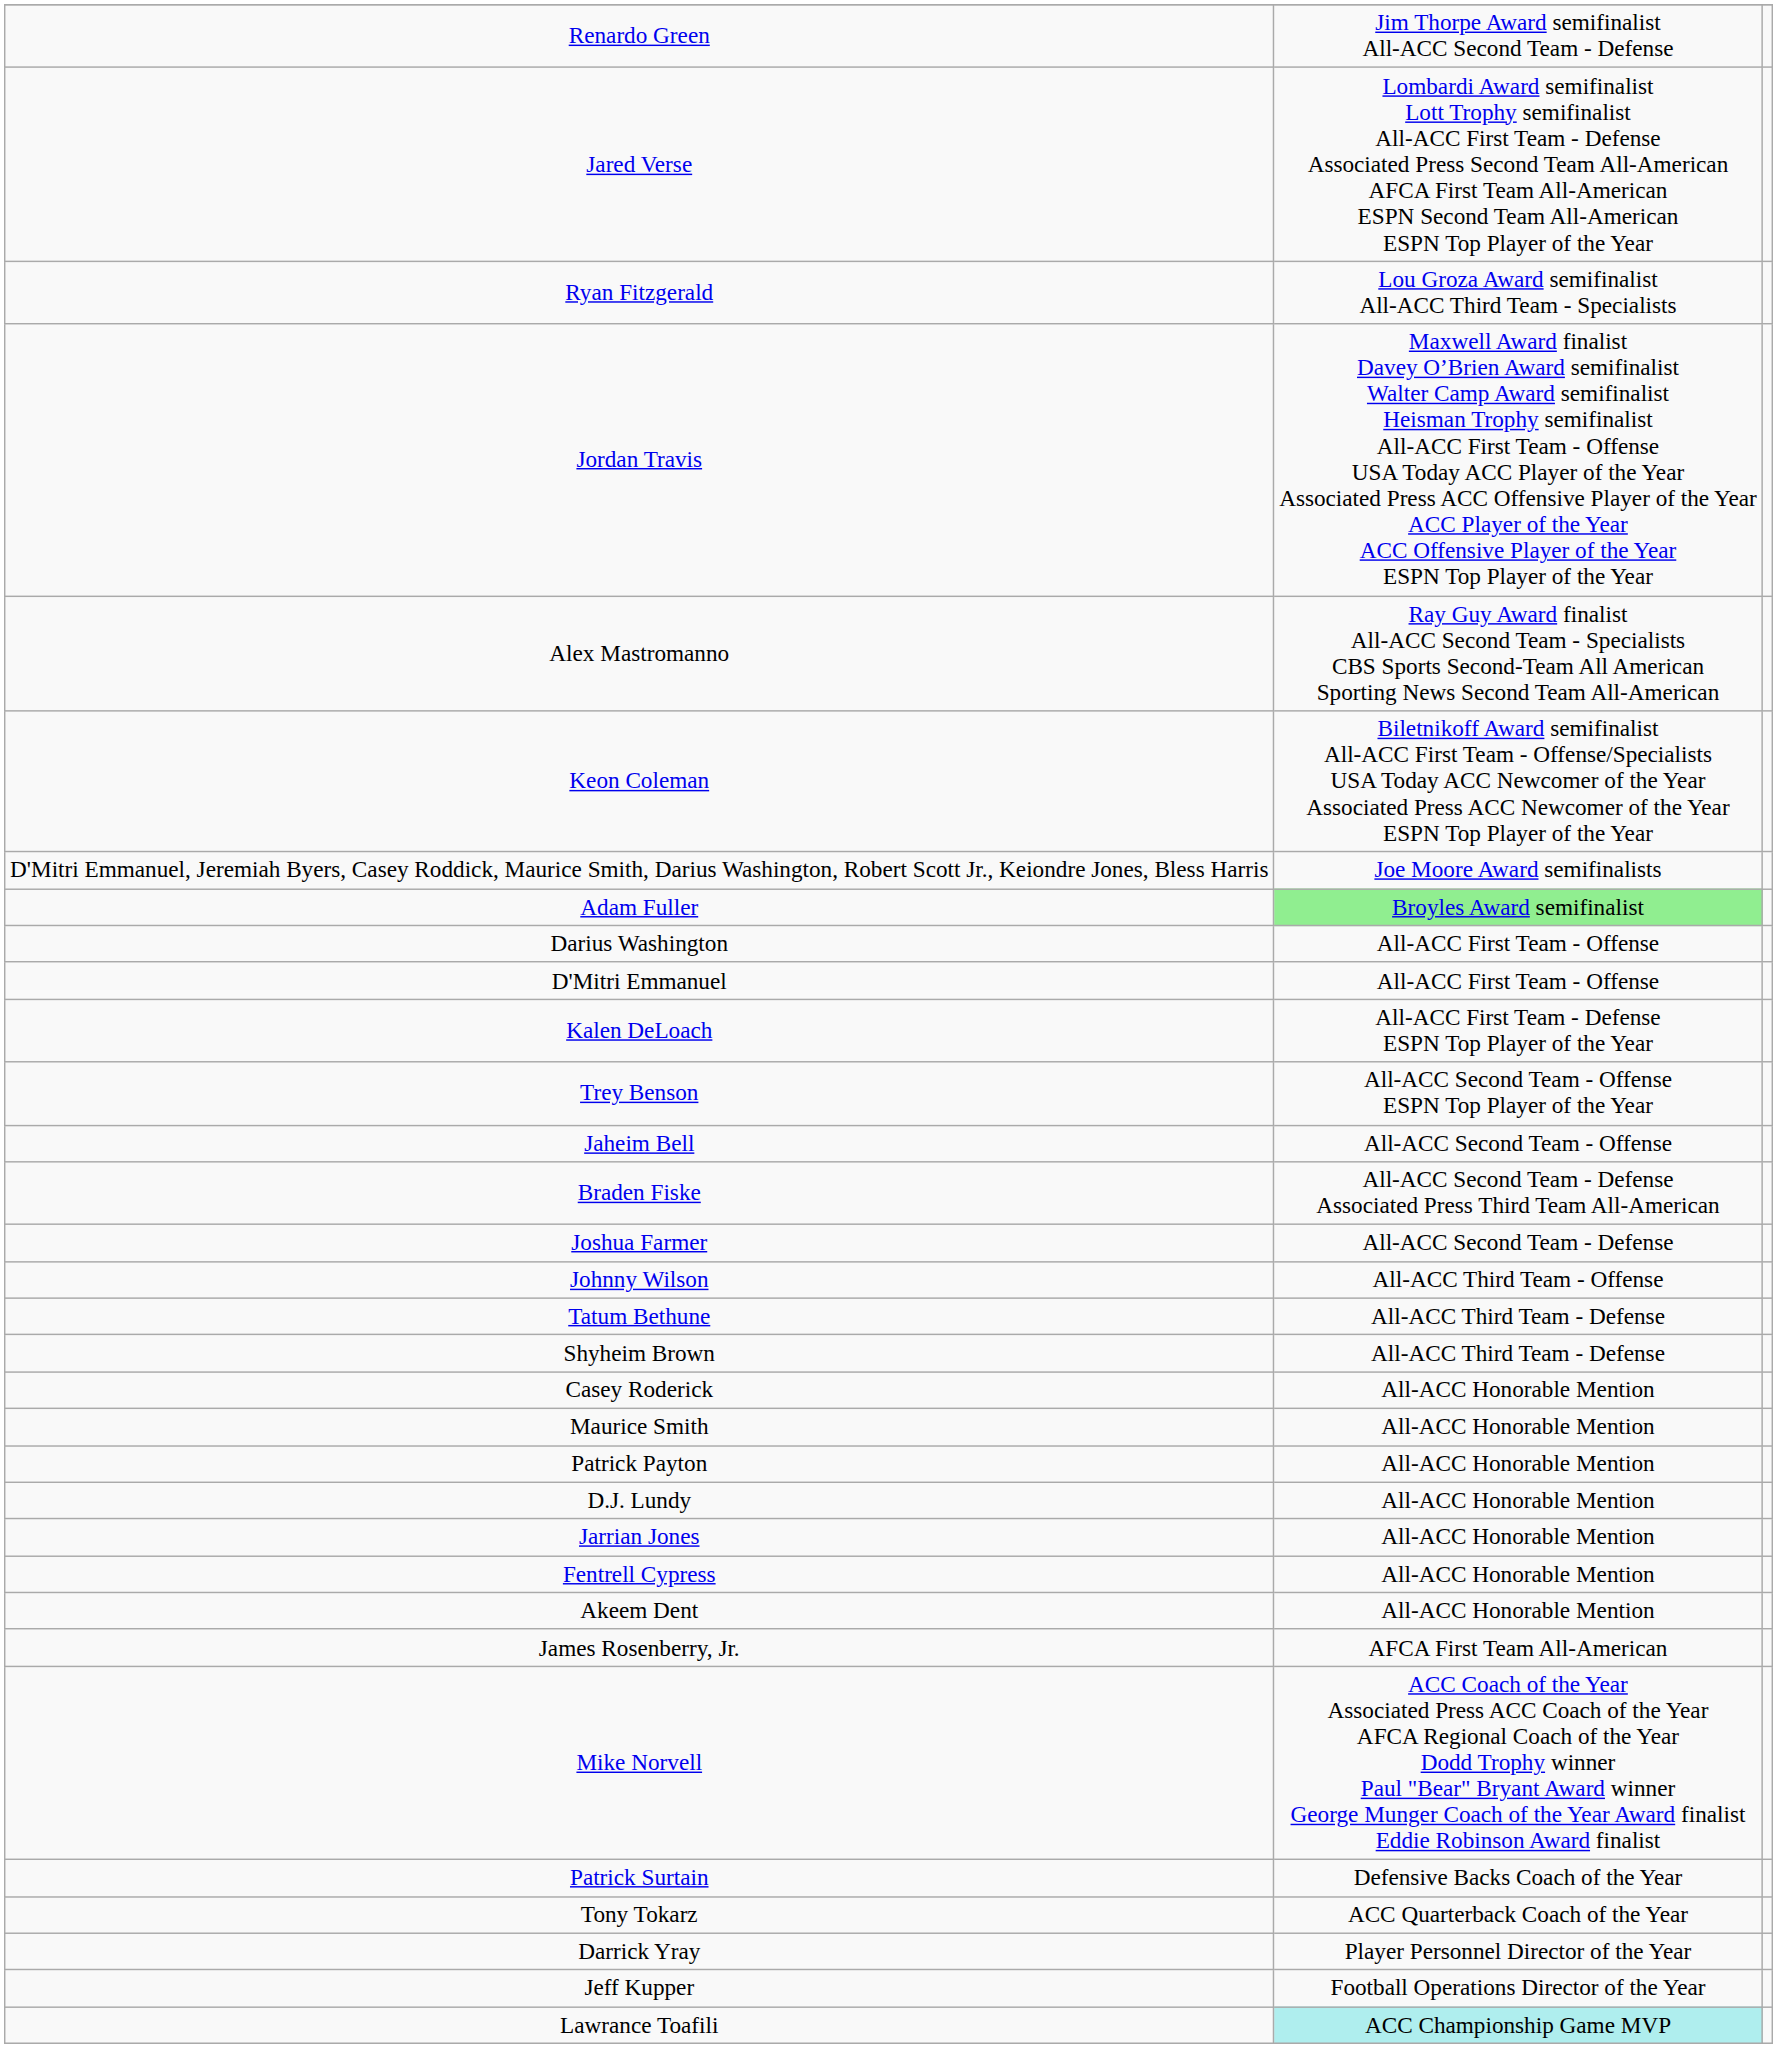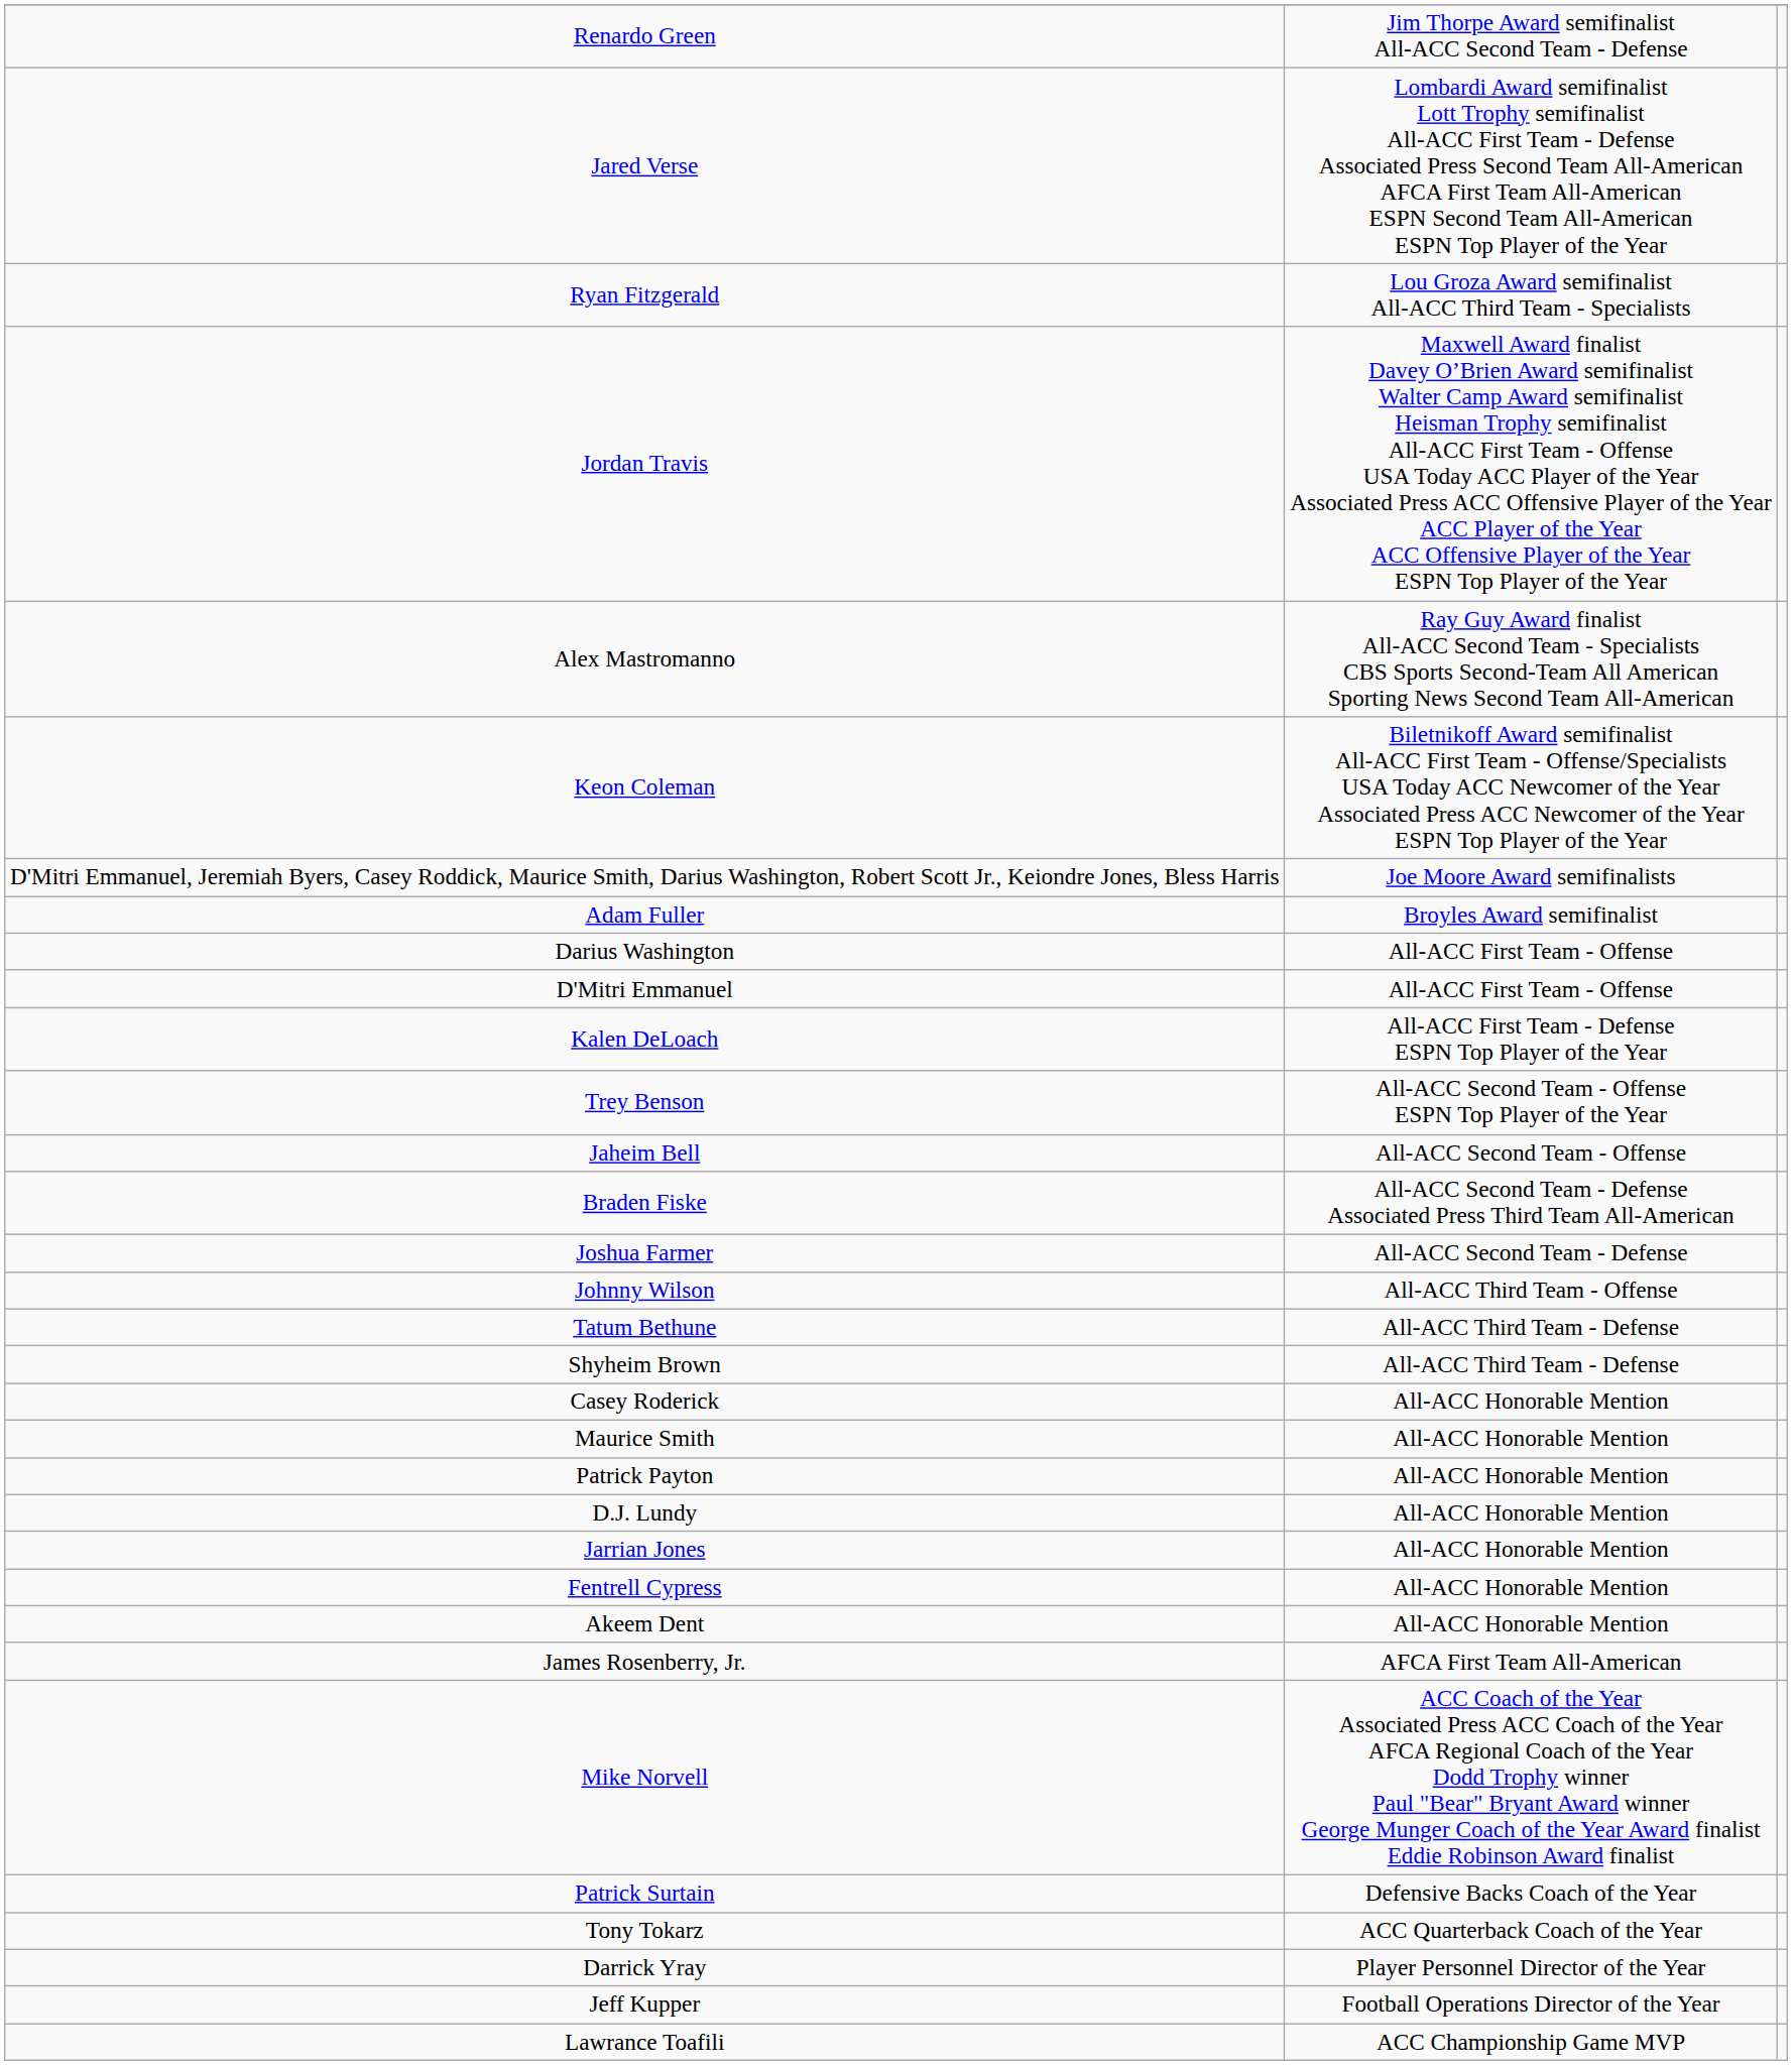 <table class="wikitable sortable sortable" style="text-align: center">
 <tr align=center>
 </tr>
 <tr>
 <td><a href='#'>Renardo Green</a></td>
 <td><a href='#'>Jim Thorpe Award</a> semifinalist<br>All-ACC Second Team - Defense</td>
 <td></td>
 </tr>
 <tr>
 <td><a href='#'>Jared Verse</a></td>
 <td><a href='#'>Lombardi Award</a> semifinalist<br><a href='#'>Lott Trophy</a> semifinalist <br>All-ACC First Team - Defense<br>Associated Press Second Team All-American<br>AFCA First Team All-American<br>ESPN Second Team All-American<br>ESPN Top Player of the Year</td>
 <td><br></td>
 </tr>
 <tr>
 <td><a href='#'>Ryan Fitzgerald</a></td>
 <td><a href='#'>Lou Groza Award</a> semifinalist<br>All-ACC Third Team - Specialists</td>
 <td></td>
 </tr>
 <tr>
 <td><a href='#'>Jordan Travis</a></td>
 <td><a href='#'>Maxwell Award</a> finalist<br><a href='#'>Davey O’Brien Award</a> semifinalist<br><a href='#'>Walter Camp Award</a> semifinalist<br><a href='#'>Heisman Trophy</a> semifinalist<br>All-ACC First Team - Offense<br>USA Today ACC Player of the Year<br>Associated Press ACC Offensive Player of the Year<br><a href='#'>ACC Player of the Year</a><br><a href='#'>ACC Offensive Player of the Year</a><br>ESPN Top Player of the Year</td>
 <td></td>
 </tr>
 <tr>
 <td>Alex Mastromanno</td>
 <td><a href='#'>Ray Guy Award</a> finalist<br>All-ACC Second Team - Specialists<br>CBS Sports Second-Team All American<br>Sporting News Second Team All-American</td>
 <td></td>
 </tr>
 <tr>
 <td><a href='#'>Keon Coleman</a></td>
 <td><a href='#'>Biletnikoff Award</a> semifinalist<br>All-ACC First Team - Offense/Specialists<br>USA Today ACC Newcomer of the Year<br>Associated Press ACC Newcomer of the Year<br>ESPN Top Player of the Year</td>
 <td></td>
 </tr>
 <tr>
 <td>D'Mitri Emmanuel, Jeremiah Byers, Casey Roddick, Maurice Smith, Darius Washington, Robert Scott Jr., Keiondre Jones, Bless Harris</td>
 <td><a href='#'>Joe Moore Award</a> semifinalists</td>
 <td></td>
 </tr>
 <tr>
 <td><a href='#'>Adam Fuller</a></td>
-<td style="background: lightgreen;"><a href='#'>Broyles Award</a> semifinalist</td>
+<td><a href='#'>Broyles Award</a> semifinalist</td>
 <td></td>
 </tr>
 <tr>
 <td>Darius Washington</td>
 <td>All-ACC First Team - Offense</td>
 <td></td>
 </tr>
 <tr>
 <td>D'Mitri Emmanuel</td>
 <td>All-ACC First Team - Offense</td>
 <td></td>
 </tr>
 <tr>
 <td><a href='#'>Kalen DeLoach</a></td>
 <td>All-ACC First Team - Defense<br>ESPN Top Player of the Year</td>
 <td></td>
 </tr>
 <tr>
 <td><a href='#'>Trey Benson</a></td>
 <td>All-ACC Second Team - Offense<br>ESPN Top Player of the Year</td>
 <td></td>
 </tr>
 <tr>
 <td><a href='#'>Jaheim Bell</a></td>
 <td>All-ACC Second Team - Offense</td>
 <td></td>
 </tr>
 <tr>
 <td><a href='#'>Braden Fiske</a></td>
 <td>All-ACC Second Team - Defense<br>Associated Press Third Team All-American</td>
 <td></td>
 </tr>
 <tr>
 <td><a href='#'>Joshua Farmer</a></td>
 <td>All-ACC Second Team - Defense</td>
 <td></td>
 </tr>
 <tr>
 <td><a href='#'>Johnny Wilson</a></td>
 <td>All-ACC Third Team - Offense</td>
 <td></td>
 </tr>
 <tr>
 <td><a href='#'>Tatum Bethune</a></td>
 <td>All-ACC Third Team - Defense</td>
 <td></td>
 </tr>
 <tr>
 <td>Shyheim Brown</td>
 <td>All-ACC Third Team - Defense</td>
 <td></td>
 </tr>
 <tr>
 <td>Casey Roderick</td>
 <td>All-ACC Honorable Mention</td>
 <td></td>
 </tr>
 <tr>
 <td>Maurice Smith</td>
 <td>All-ACC Honorable Mention</td>
 <td></td>
 </tr>
 <tr>
 <td>Patrick Payton</td>
 <td>All-ACC Honorable Mention</td>
 <td></td>
 </tr>
 <tr>
 <td>D.J. Lundy</td>
 <td>All-ACC Honorable Mention</td>
 <td></td>
 </tr>
 <tr>
 <td><a href='#'>Jarrian Jones</a></td>
 <td>All-ACC Honorable Mention</td>
 <td></td>
 </tr>
 <tr>
 <td><a href='#'>Fentrell Cypress</a></td>
 <td>All-ACC Honorable Mention</td>
 <td></td>
 </tr>
 <tr>
 <td>Akeem Dent</td>
 <td>All-ACC Honorable Mention</td>
 <td></td>
 </tr>
 <tr>
 <td>James Rosenberry, Jr.</td>
 <td>AFCA First Team All-American</td>
 <td></td>
 </tr>
 <tr>
 <td><a href='#'>Mike Norvell</a></td>
 <td><a href='#'>ACC Coach of the Year</a><br>Associated Press ACC Coach of the Year<br>AFCA Regional Coach of the Year<br><a href='#'>Dodd Trophy</a> winner<br><a href='#'>Paul "Bear" Bryant Award</a> winner<br><a href='#'>George Munger Coach of the Year Award</a> finalist<br><a href='#'>Eddie Robinson Award</a> finalist</td>
 <td></td>
 </tr>
 <tr>
 <td><a href='#'>Patrick Surtain</a></td>
 <td>Defensive Backs Coach of the Year</td>
 <td></td>
 </tr>
 <tr>
 <td>Tony Tokarz</td>
 <td>ACC Quarterback Coach of the Year</td>
 <td></td>
 </tr>
 <tr>
 <td>Darrick Yray</td>
 <td>Player Personnel Director of the Year</td>
 <td></td>
 </tr>
 <tr>
 <td>Jeff Kupper</td>
 <td>Football Operations Director of the Year</td>
 <td></td>
 </tr>
 <tr>
 <td>Lawrance Toafili</td>
-<td style="background: paleturquoise;">ACC Championship Game MVP</td>
+<td>ACC Championship Game MVP</td>
 <td></td>
 </tr>
 <tr>
 </tr>
 </table>
